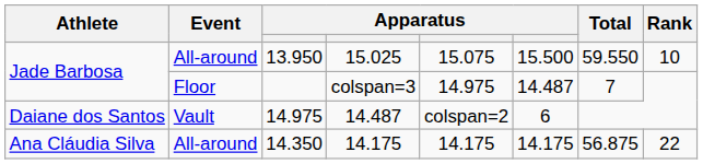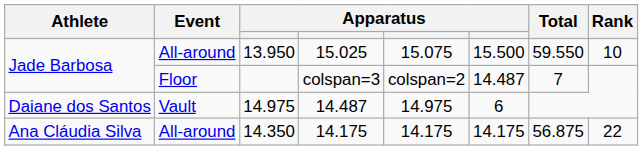 <table class="wikitable" style="font-size:90%">
 <tr>
 <th rowspan=2>Athlete</th>
 <th rowspan=2>Event</th>
 <th colspan =4>Apparatus</th>
 <th rowspan=2>Total</th>
 <th rowspan=2>Rank</th>
 </tr>
 <tr style="font-size:95%">
 <th></th>
 <th></th>
 <th></th>
 <th></th>
 </tr>
 <tr align=center>
 <td align=left rowspan=2><a href='#'>Jade Barbosa</a></td>
 <td align=left><a href='#'>All-around</a></td>
 <td>13.950</td>
 <td>15.025</td>
 <td>15.075</td>
 <td>15.500</td>
 <td>59.550</td>
 <td>10</td>
 </tr>
 <tr align=center>
 <td align=left><a href='#'>Floor</a></td>
 <td></td>
 <td>colspan=3 </td>
-<td>14.975</td>
+<td>colspan=2 </td>
 <td>14.487</td>
 <td>7</td>
 </tr>
 <tr align=center>
 <td align=left><a href='#'>Daiane dos Santos</a></td>
 <td align=left><a href='#'>Vault</a></td>
 <td>14.975</td>
 <td>14.487</td>
-<td>colspan=2 </td>
+<td>14.975</td>
 <td>6</td>
 </tr>
 <tr align=center>
 <td align=left><a href='#'>Ana Cláudia Silva</a></td>
 <td align=left><a href='#'>All-around</a></td>
 <td>14.350</td>
 <td>14.175</td>
 <td>14.175</td>
 <td>14.175</td>
 <td>56.875</td>
 <td>22</td>
 </tr>
 </table>
